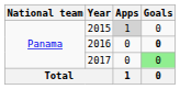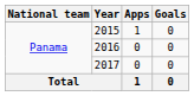 <table class="wikitable" style="text-align:center">
 <tr>
 <th>National team</th>
 <th>Year</th>
 <th>Apps</th>
 <th>Goals</th>
 </tr>
 <tr>
 <td rowspan="3"><a href='#'>Panama</a></td>
 <td>2015</td>
-<td style="background: lightgrey;">1</td>
+<td>1</td>
 <td>0</td>
 </tr>
 <tr>
 <td>2016</td>
 <td>0</td>
-<td><strong>0</strong></td>
+<td>0</td>
 </tr>
 <tr>
 <td>2017</td>
 <td>0</td>
-<td style="background: lightgreen;">0</td>
+<td>0</td>
 </tr>
 <tr>
 <th colspan=2>Total</th>
 <th>1</th>
 <th>0</th>
 </tr>
 </table>
